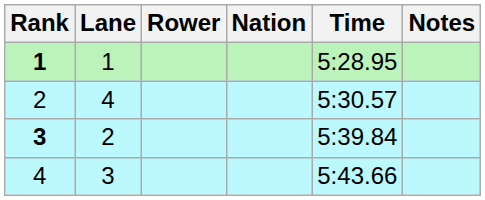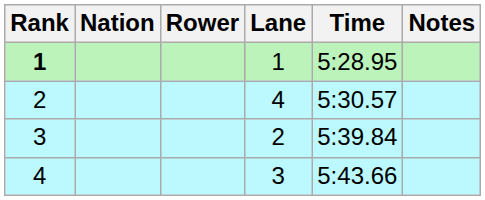 <table class="wikitable sortable" style="text-align:center">
 <tr>
 <th>Rank</th>
+<th>Nation</th>
+<th>Rower</th>
 <th>Lane</th>
-<th>Rower</th>
-<th>Nation</th>
 <th>Time</th>
 <th>Notes</th>
 </tr>
 <tr bgcolor=bbf3bb>
 <td><strong>1</strong></td>
+<td align=left></td>
+<td></td>
 <td>1</td>
-<td></td>
-<td align=left></td>
 <td>5:28.95</td>
 <td></td>
 </tr>
 <tr bgcolor=bbf9ff>
 <td>2</td>
+<td align=left></td>
+<td></td>
 <td>4</td>
-<td></td>
-<td align=left></td>
 <td>5:30.57</td>
 <td></td>
 </tr>
 <tr bgcolor=bbf9ff>
-<td><strong>3</strong></td>
+<td>3</td>
+<td align=left></td>
+<td></td>
 <td>2</td>
-<td></td>
-<td align=left></td>
 <td>5:39.84</td>
 <td></td>
 </tr>
 <tr bgcolor=bbf9ff>
 <td>4</td>
+<td align=left></td>
+<td></td>
 <td>3</td>
-<td></td>
-<td align=left></td>
 <td>5:43.66</td>
 <td></td>
 </tr>
 </table>
